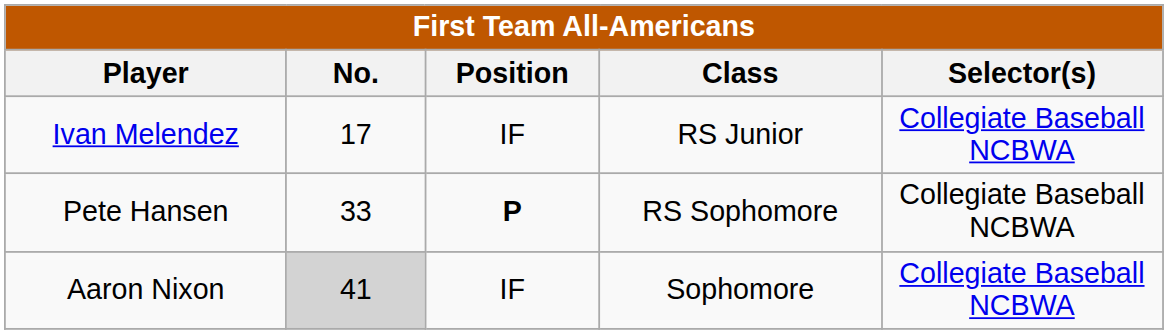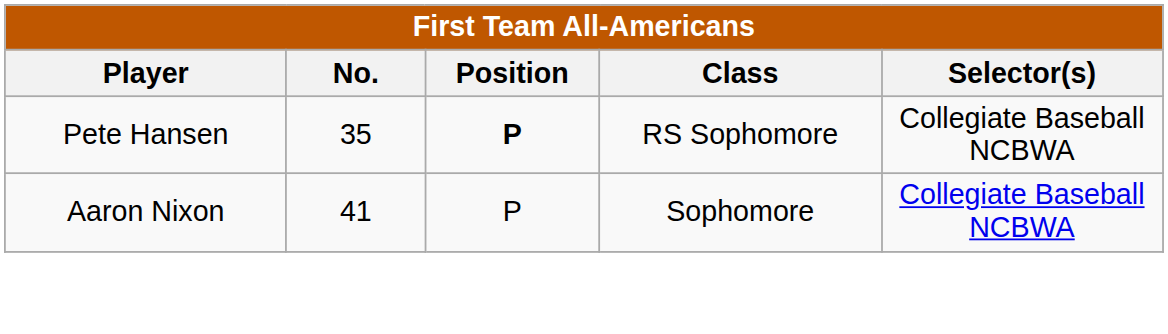 <table class="wikitable" style="text-align:center">
 <tr>
 <td colspan="5" style= "background: #BF5700; color:white"><strong>First Team All-Americans</strong></td>
 </tr>
 <tr>
 <th style="width:150px; ">Player</th>
 <th style="width:70px; ">No.</th>
 <th style="width:90px; ">Position</th>
 <th style="width:150px; ">Class</th>
 <th style="width:150px; ">Selector(s)</th>
 </tr>
 <tr>
-<td><a href='#'>Ivan Melendez</a></td>
-<td>17</td>
-<td>IF</td>
-<td>RS Junior</td>
-<td><a href='#'>Collegiate Baseball</a><br><a href='#'>NCBWA</a></td>
-</tr>
-<tr>
 <td>Pete Hansen</td>
-<td>33</td>
+<td>35</td>
 <td><strong>P</strong></td>
 <td>RS Sophomore</td>
 <td>Collegiate Baseball<br>NCBWA</td>
 </tr>
 <tr>
 <td>Aaron Nixon</td>
-<td style="background: lightgrey;">41</td>
-<td>IF</td>
+<td>41</td>
+<td>P</td>
 <td>Sophomore</td>
 <td><a href='#'>Collegiate Baseball</a><br><a href='#'>NCBWA</a></td>
 </tr>
 </table>
